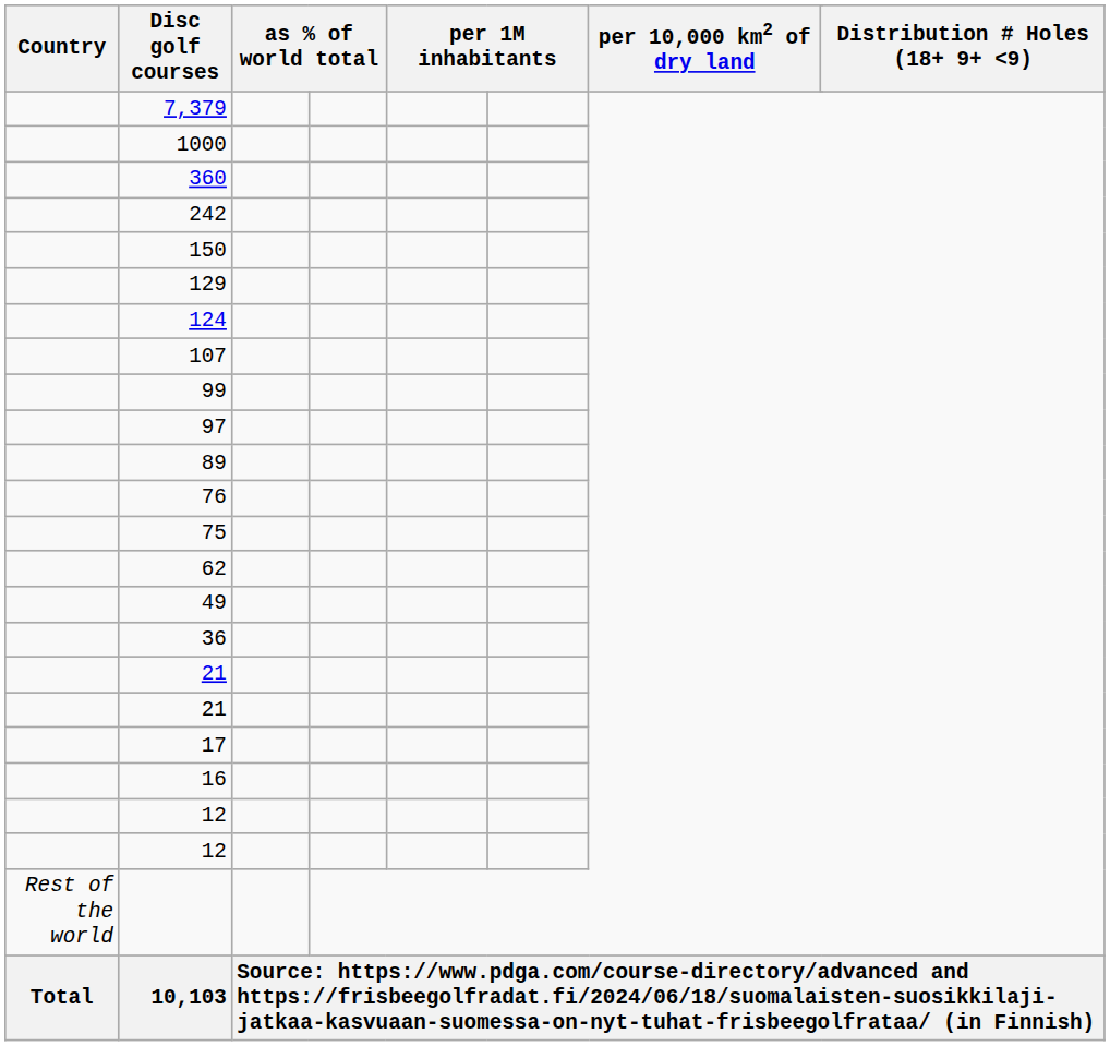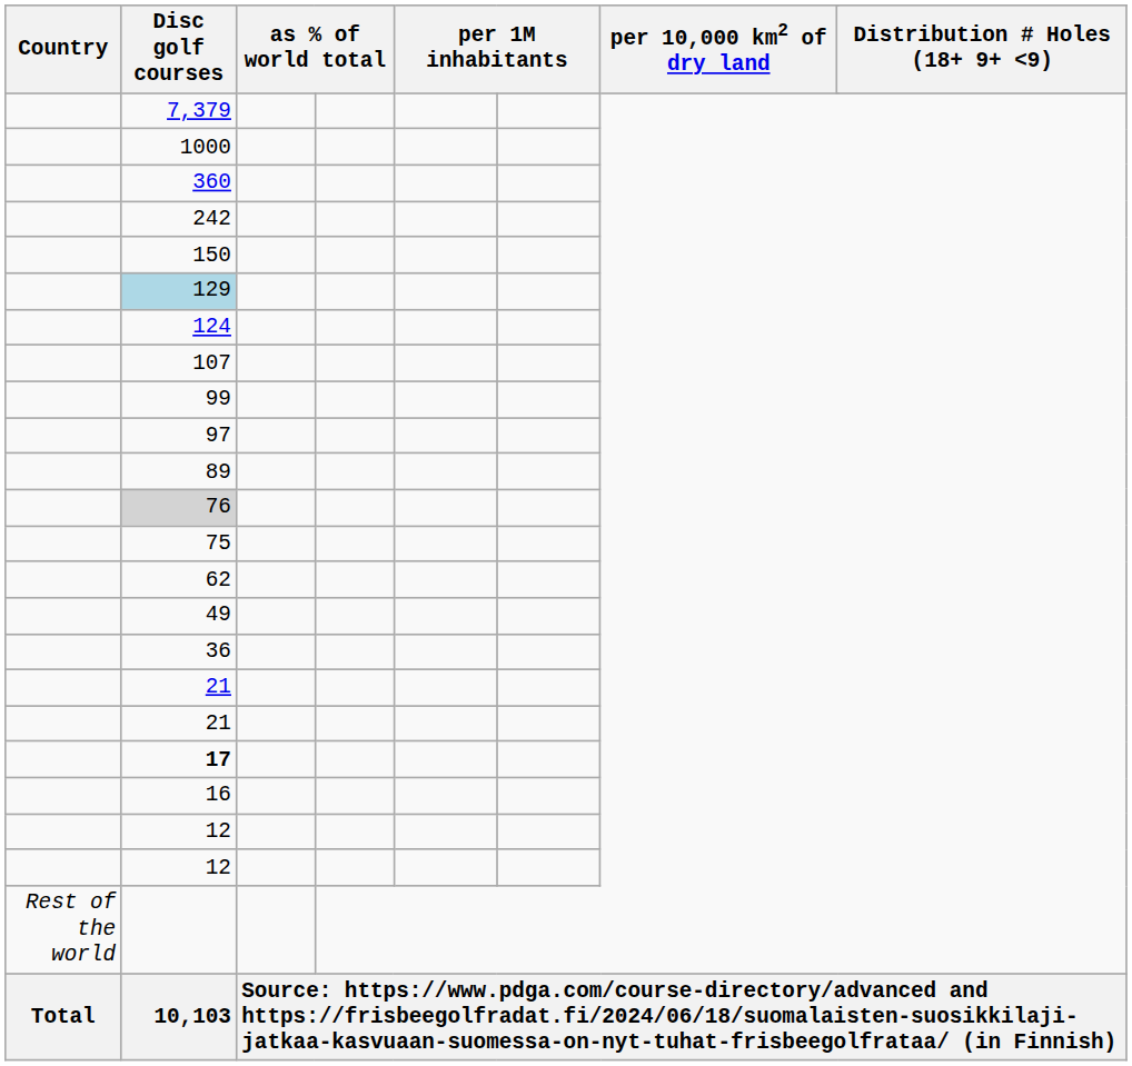 <table class="wikitable sortable" style="text-align: right; font-size: 0.90em;">
 <tr>
 <th>Country</th>
 <th>Disc golf courses</th>
 <th colspan="2">as % of world total</th>
 <th colspan="2">per 1M inhabitants</th>
 <th colspan="2">per 10,000 km<sup>2</sup> of <a href='#'>dry land</a></th>
 <th>Distribution # Holes (18+ 9+ <9)</th>
 </tr>
 <tr>
 <td></td>
 <td><a href='#'>7,379</a></td>
 <td></td>
 <td></td>
 <td></td>
 <td></td>
 </tr>
 <tr>
 <td></td>
 <td>1000</td>
 <td></td>
 <td></td>
 <td></td>
 <td></td>
 </tr>
 <tr>
 <td></td>
 <td><a href='#'>360</a></td>
 <td></td>
 <td></td>
 <td></td>
 <td></td>
 </tr>
 <tr>
 <td></td>
 <td>242</td>
 <td></td>
 <td></td>
 <td></td>
 <td></td>
 </tr>
 <tr>
 <td></td>
 <td>150</td>
 <td></td>
 <td></td>
 <td></td>
 <td></td>
 </tr>
 <tr>
 <td></td>
-<td>129</td>
+<td style="background: lightblue;">129</td>
 <td></td>
 <td></td>
 <td></td>
 <td></td>
 </tr>
 <tr>
 <td></td>
 <td><a href='#'>124</a></td>
 <td></td>
 <td></td>
 <td></td>
 <td></td>
 </tr>
 <tr>
 <td></td>
 <td>107</td>
 <td></td>
 <td></td>
 <td></td>
 <td></td>
 </tr>
 <tr>
 <td></td>
 <td>99</td>
 <td></td>
 <td></td>
 <td></td>
 <td></td>
 </tr>
 <tr>
 <td></td>
 <td>97</td>
 <td></td>
 <td></td>
 <td></td>
 <td></td>
 </tr>
 <tr>
 <td></td>
 <td>89</td>
 <td></td>
 <td></td>
 <td></td>
 <td></td>
 </tr>
 <tr>
 <td></td>
-<td>76</td>
+<td style="background: lightgrey;">76</td>
 <td></td>
 <td></td>
 <td></td>
 <td></td>
 </tr>
 <tr>
 <td></td>
 <td>75</td>
 <td></td>
 <td></td>
 <td></td>
 <td></td>
 </tr>
 <tr>
 <td></td>
 <td>62</td>
 <td></td>
 <td></td>
 <td></td>
 <td></td>
 </tr>
 <tr>
 <td></td>
 <td>49</td>
 <td></td>
 <td></td>
 <td></td>
 <td></td>
 </tr>
 <tr>
 <td></td>
 <td>36</td>
 <td></td>
 <td></td>
 <td></td>
 <td></td>
 </tr>
 <tr>
 <td></td>
 <td><a href='#'>21</a></td>
 <td></td>
 <td></td>
 <td></td>
 <td></td>
 </tr>
 <tr>
 <td></td>
 <td>21</td>
 <td></td>
 <td></td>
 <td></td>
 <td></td>
 </tr>
 <tr>
 <td></td>
-<td>17</td>
+<td><strong>17</strong></td>
 <td></td>
 <td></td>
 <td></td>
 <td></td>
 </tr>
 <tr>
 <td></td>
 <td>16</td>
 <td></td>
 <td></td>
 <td></td>
 <td></td>
 </tr>
 <tr>
 <td></td>
 <td>12</td>
 <td></td>
 <td></td>
 <td></td>
 <td></td>
 </tr>
 <tr>
 <td></td>
 <td>12</td>
 <td></td>
 <td></td>
 <td></td>
 <td></td>
 </tr>
 <tr>
 <td><em>Rest of the world</em></td>
 <td></td>
 <td></td>
 </tr>
 <tr>
 <th>Total</th>
 <th style="text-align:right;">10,103</th>
 <th colspan="7" style="text-align:left;">Source: https://www.pdga.com/course-directory/advanced and https://frisbeegolfradat.fi/2024/06/18/suomalaisten-suosikkilaji-jatkaa-kasvuaan-suomessa-on-nyt-tuhat-frisbeegolfrataa/ (in Finnish)</th>
 </tr>
 </table>
